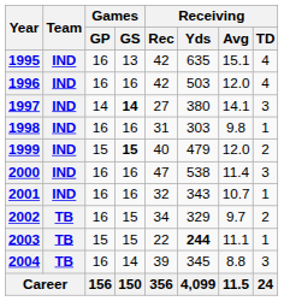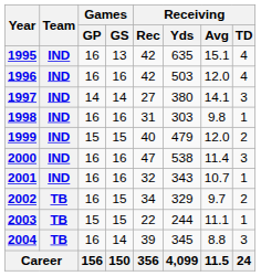 <table class="wikitable" style="text-align:center;">
 <tr>
 <th rowspan="2">Year</th>
 <th rowspan="2">Team</th>
 <th colspan="2">Games</th>
 <th colspan="4">Receiving</th>
 </tr>
 <tr>
 <th>GP</th>
 <th>GS</th>
 <th>Rec</th>
 <th>Yds</th>
 <th>Avg</th>
 <th>TD</th>
 </tr>
 <tr>
 <th><a href='#'>1995</a></th>
 <th><a href='#'>IND</a></th>
 <td>16</td>
 <td>13</td>
 <td>42</td>
 <td>635</td>
 <td>15.1</td>
 <td>4</td>
 </tr>
 <tr>
 <th><a href='#'>1996</a></th>
 <th><a href='#'>IND</a></th>
 <td>16</td>
 <td>16</td>
 <td>42</td>
 <td>503</td>
 <td>12.0</td>
 <td>4</td>
 </tr>
 <tr>
 <th><a href='#'>1997</a></th>
 <th><a href='#'>IND</a></th>
 <td>14</td>
-<td><strong>14</strong></td>
+<td>14</td>
 <td>27</td>
 <td>380</td>
 <td>14.1</td>
 <td>3</td>
 </tr>
 <tr>
 <th><a href='#'>1998</a></th>
 <th><a href='#'>IND</a></th>
 <td>16</td>
 <td>16</td>
 <td>31</td>
 <td>303</td>
 <td>9.8</td>
 <td>1</td>
 </tr>
 <tr>
 <th><a href='#'>1999</a></th>
 <th><a href='#'>IND</a></th>
 <td>15</td>
-<td><strong>15</strong></td>
+<td>15</td>
 <td>40</td>
 <td>479</td>
 <td>12.0</td>
 <td>2</td>
 </tr>
 <tr>
 <th><a href='#'>2000</a></th>
 <th><a href='#'>IND</a></th>
 <td>16</td>
 <td>16</td>
 <td>47</td>
 <td>538</td>
 <td>11.4</td>
 <td>3</td>
 </tr>
 <tr>
 <th><a href='#'>2001</a></th>
 <th><a href='#'>IND</a></th>
 <td>16</td>
 <td>16</td>
 <td>32</td>
 <td>343</td>
 <td>10.7</td>
 <td>1</td>
 </tr>
 <tr>
 <th><a href='#'>2002</a></th>
 <th><a href='#'>TB</a></th>
 <td>16</td>
 <td>15</td>
 <td>34</td>
 <td>329</td>
 <td>9.7</td>
 <td>2</td>
 </tr>
 <tr>
 <th><a href='#'>2003</a></th>
 <th><a href='#'>TB</a></th>
 <td>15</td>
 <td>15</td>
 <td>22</td>
-<td><strong>244</strong></td>
+<td>244</td>
 <td>11.1</td>
 <td>1</td>
 </tr>
 <tr>
 <th><a href='#'>2004</a></th>
 <th><a href='#'>TB</a></th>
 <td>16</td>
 <td>14</td>
 <td>39</td>
 <td>345</td>
 <td>8.8</td>
 <td>3</td>
 </tr>
 <tr>
 <th colspan="2">Career</th>
 <th>156</th>
 <th>150</th>
 <th>356</th>
 <th>4,099</th>
 <th>11.5</th>
 <th>24</th>
 </tr>
 </table>
